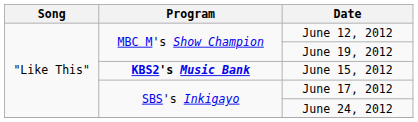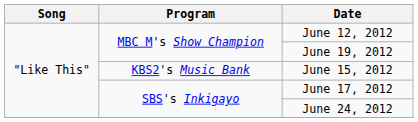 <table class="wikitable" style="text-align:center">
 <tr>
 <th width="100">Song</th>
 <th width="200">Program</th>
 <th width="140">Date</th>
 </tr>
 <tr>
 <td rowspan="5">"Like This"</td>
 <td rowspan="2"><a href='#'>MBC M</a>'s <em><a href='#'>Show Champion</a></em></td>
 <td>June 12, 2012</td>
 </tr>
 <tr>
 <td>June 19, 2012</td>
 </tr>
 <tr>
-<td><strong><a href='#'>KBS2</a>'s <em><a href='#'>Music Bank</a></em></strong></td>
+<td><a href='#'>KBS2</a>'s <em><a href='#'>Music Bank</a></em></td>
 <td>June 15, 2012</td>
 </tr>
 <tr>
 <td rowspan="2"><a href='#'>SBS</a>'s <em><a href='#'>Inkigayo</a></em></td>
 <td>June 17, 2012</td>
 </tr>
 <tr>
 <td>June 24, 2012</td>
 </tr>
 <tr>
 </tr>
 </table>
